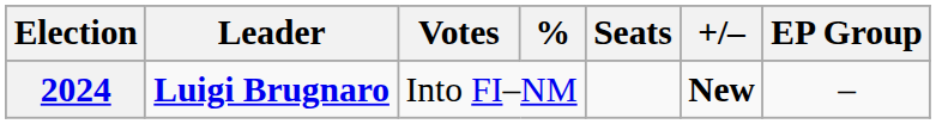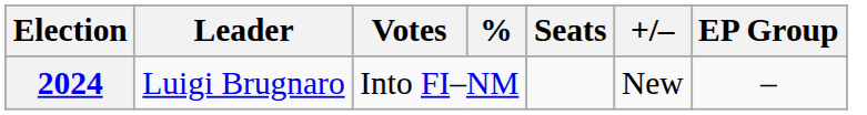 <table class="wikitable" style="text-align:center">
 <tr>
 <th>Election</th>
 <th>Leader</th>
 <th>Votes</th>
 <th>%</th>
 <th>Seats</th>
 <th>+/–</th>
 <th>EP Group</th>
 </tr>
 <tr>
 <th><a href='#'>2024</a></th>
-<td><strong><a href='#'>Luigi Brugnaro</a></strong></td>
+<td><a href='#'>Luigi Brugnaro</a></td>
 <td colspan="2">Into <a href='#'>FI</a>–<a href='#'>NM</a></td>
 <td></td>
-<td><strong>New</strong></td>
+<td>New</td>
 <td>–</td>
 </tr>
 </table>
